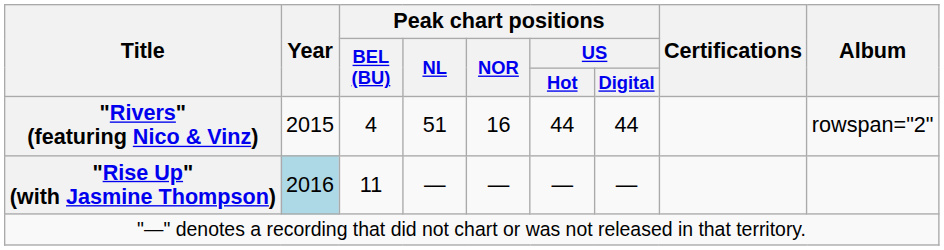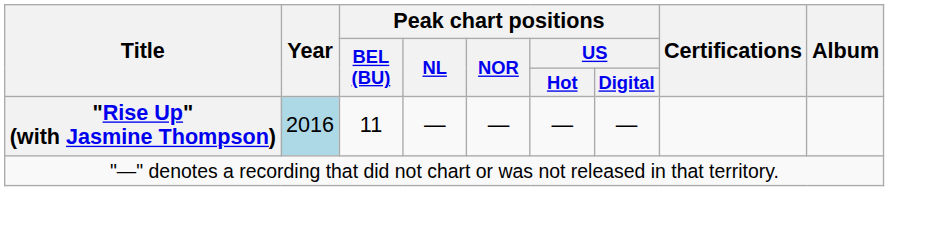 <table class="wikitable plainrowheaders" style="text-align:center;">
 <tr>
 <th rowspan="3" scope="col">Title</th>
 <th rowspan="3" scope="col">Year</th>
 <th colspan="5" scope="col">Peak chart positions</th>
 <th rowspan="3" scope="col">Certifications</th>
 <th rowspan="3">Album</th>
 </tr>
 <tr>
 <th rowspan="2" scope="col" style="width:3em;font-size:85%;"><a href='#'>BEL</a><br><a href='#'>(BU)</a><br></th>
 <th rowspan="2" scope="col" style="width:3em;font-size:85%;"><a href='#'>NL</a><br></th>
 <th rowspan="2" scope="col" style="width:3em;font-size:85%;"><a href='#'>NOR</a><br></th>
 <th colspan="2" scope="col" style="width:3em;font-size:85%;"><a href='#'>US</a></th>
 </tr>
 <tr>
 <th style="width:3em;font-size:85%;"><a href='#'>Hot</a><br></th>
 <th style="width:3em;font-size:85%;"><a href='#'>Digital</a><br></th>
 </tr>
 <tr>
-<th scope="row">"<a href='#'>Rivers</a>"<br><span>(featuring <a href='#'>Nico & Vinz</a>)</span></th>
-<td>2015</td>
-<td>4</td>
-<td>51</td>
-<td>16</td>
-<td>44</td>
-<td>44</td>
-<td></td>
-<td>rowspan="2" </td>
-</tr>
-<tr>
 <th scope="row">"<a href='#'>Rise Up</a>"<br><span>(with <a href='#'>Jasmine Thompson</a>)</span></th>
 <td style="background: lightblue;">2016</td>
 <td>11</td>
 <td>—</td>
 <td>—</td>
 <td>—</td>
 <td>—</td>
 <td></td>
 </tr>
 <tr>
 <td colspan="9" style="font-size:90%">"—" denotes a recording that did not chart or was not released in that territory.</td>
 </tr>
 </table>
